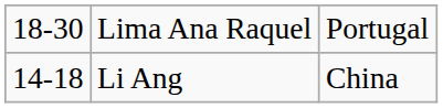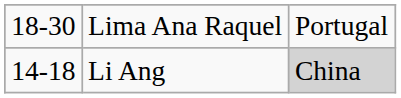 <table class="wikitable">
 <tr>
 <td>18-30</td>
 <td>Lima Ana Raquel</td>
 <td>Portugal</td>
 </tr>
 <tr>
 <td>14-18</td>
 <td>Li Ang</td>
-<td>China</td>
+<td style="background: lightgrey;">China</td>
 </tr>
 </table>
